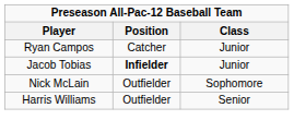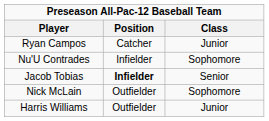 <table class="wikitable" style="text-align:center">
 <tr>
 <td colspan="3" style=><strong>Preseason All-Pac-12 Baseball Team</strong></td>
 </tr>
 <tr>
 <th style="width:150px; ">Player</th>
 <th style="width:90px; ">Position</th>
 <th style="width:150px; ">Class</th>
 </tr>
 <tr>
 <td>Ryan Campos</td>
 <td>Catcher</td>
 <td>Junior</td>
 </tr>
 <tr>
+<td>Nu'U Contrades</td>
+<td>Infielder</td>
+<td>Sophomore</td>
+</tr>
+<tr>
 <td>Jacob Tobias</td>
 <td><strong>Infielder</strong></td>
-<td>Junior</td>
+<td> Senior</td>
 </tr>
 <tr>
 <td>Nick McLain</td>
 <td>Outfielder</td>
 <td> Sophomore</td>
 </tr>
 <tr>
 <td>Harris Williams</td>
 <td>Outfielder</td>
-<td> Senior</td>
+<td>Junior</td>
 </tr>
 </table>
